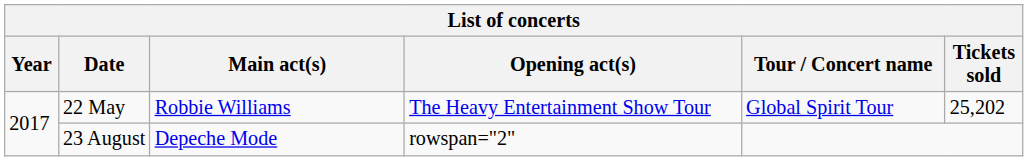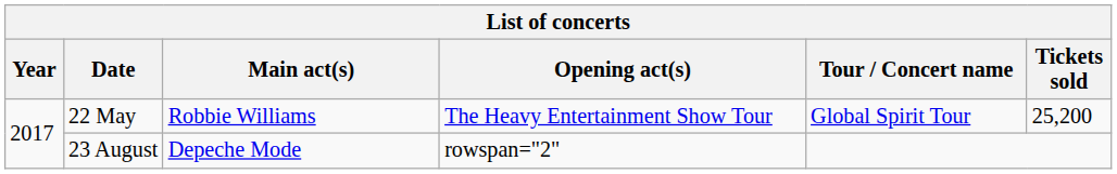 <table class="wikitable collapsible collapsed">
 <tr>
 <th colspan=7>List of concerts</th>
 </tr>
 <tr>
 <th>Year</th>
 <th style="width:9%;">Date</th>
 <th style="width:25%;">Main act(s)</th>
 <th>Opening act(s)</th>
 <th style="width:20%;">Tour / Concert name</th>
 <th>Tickets<br>sold</th>
 </tr>
 <tr>
 <td rowspan="2">2017</td>
 <td>22 May</td>
 <td><a href='#'>Robbie Williams</a></td>
 <td><a href='#'>The Heavy Entertainment Show Tour</a></td>
 <td><a href='#'>Global Spirit Tour</a></td>
-<td>25,202</td>
+<td>25,200</td>
 </tr>
 <tr>
 <td>23 August</td>
 <td><a href='#'>Depeche Mode</a></td>
 <td>rowspan="2" </td>
 </tr>
 </table>
